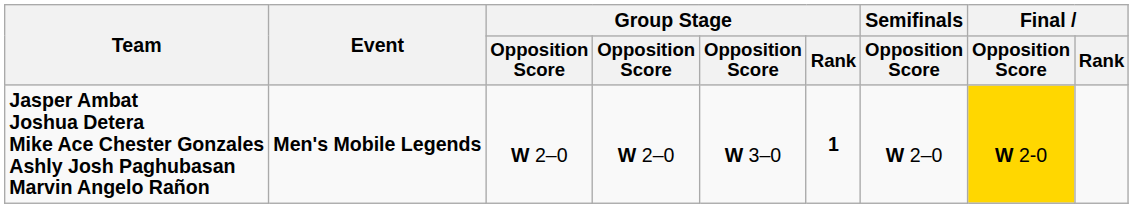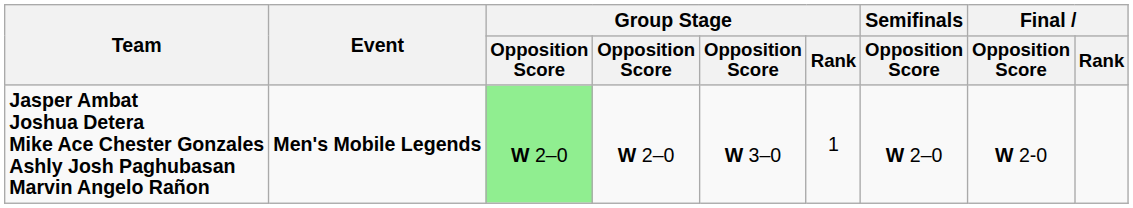 <table class="wikitable" style="font-size:90%">
 <tr>
 <th rowspan=2>Team</th>
 <th rowspan=2>Event</th>
 <th colspan=4>Group Stage</th>
 <th>Semifinals</th>
 <th colspan=2>Final / </th>
 </tr>
 <tr style="font-size:95%">
 <th>Opposition<br>Score</th>
 <th>Opposition<br>Score</th>
 <th>Opposition<br>Score</th>
 <th>Rank</th>
 <th>Opposition<br>Score</th>
 <th>Opposition<br>Score</th>
 <th>Rank</th>
 </tr>
 <tr align=center>
 <td align=left><strong>Jasper Ambat<br>Joshua Detera<br>Mike Ace Chester Gonzales<br>Ashly Josh Paghubasan<br>Marvin Angelo Rañon</strong></td>
 <td align=left><strong>Men's Mobile Legends</strong></td>
-<td><br><strong>W</strong> 2–0</td>
+<td style="background: lightgreen;"><br><strong>W</strong> 2–0</td>
 <td><br><strong>W</strong> 2–0</td>
 <td><br><strong>W</strong> 3–0</td>
-<td><strong>1</strong></td>
+<td>1</td>
 <td><br><strong>W</strong> 2–0</td>
-<td style="background: gold;"><br><strong>W</strong> 2-0</td>
+<td><br><strong>W</strong> 2-0</td>
 <td></td>
 </tr>
 </table>
